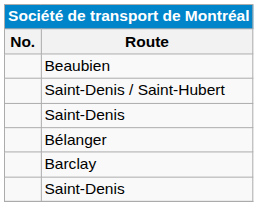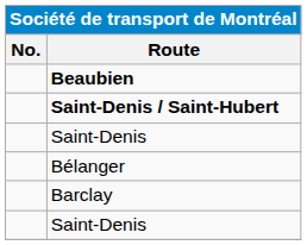 <table align=center class="wikitable">
 <tr>
 <th style="background: #0085CA; font-size:100%; color:#FFFFFF;"colspan="4">Société de transport de Montréal</th>
 </tr>
 <tr>
 <th>No.</th>
 <th>Route</th>
 </tr>
 <tr>
 <td {{Avoid wrap> </td>
-<td>Beaubien</td>
+<td><strong>Beaubien</strong></td>
 </tr>
 <tr>
 <td></td>
-<td>Saint-Denis / Saint-Hubert</td>
+<td><strong>Saint-Denis / Saint-Hubert</strong></td>
 </tr>
 <tr>
 <td></td>
 <td>Saint-Denis</td>
 </tr>
 <tr>
 <td></td>
 <td>Bélanger</td>
 </tr>
 <tr>
 <td></td>
 <td>Barclay</td>
 </tr>
 <tr>
 <td {{Avoid wrap> </td>
 <td>Saint-Denis</td>
 </tr>
 <tr>
 </tr>
 </table>
